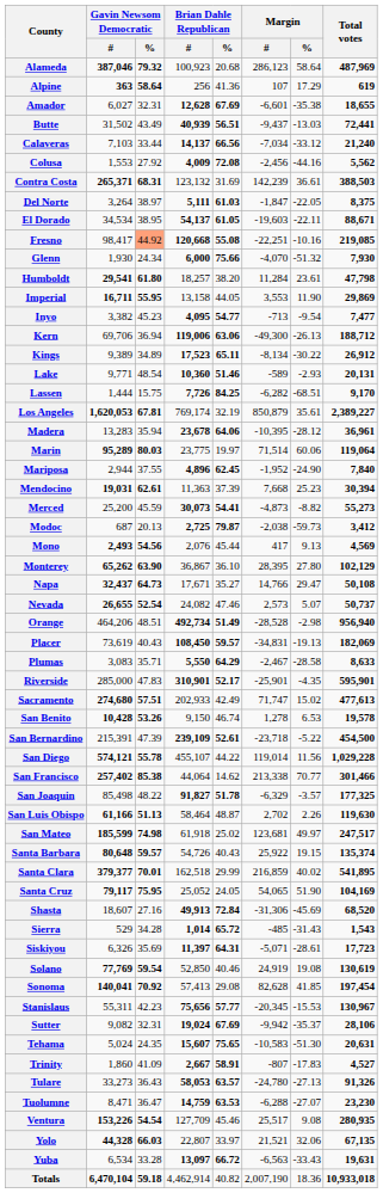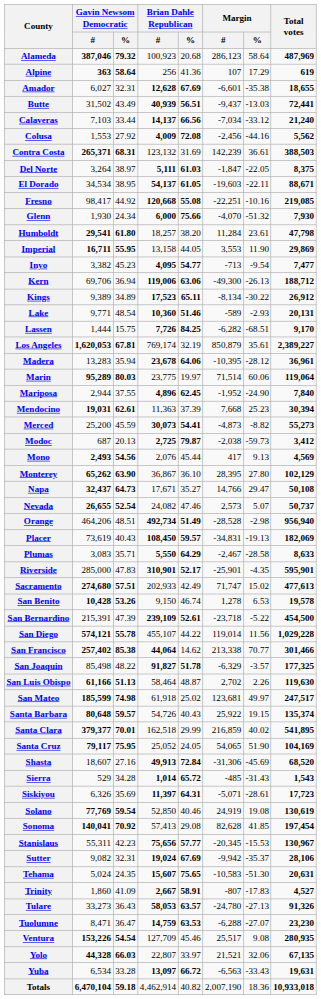 <table class="wikitable sortable" style="text-align:right;font-size:90%;line-height:1.3">
 <tr>
 <th rowspan="2">County</th>
 <th colspan="2"><a href='#'>Gavin Newsom</a><br><a href='#'>Democratic</a></th>
 <th colspan="2"><a href='#'>Brian Dahle</a><br><a href='#'>Republican</a></th>
 <th colspan="2">Margin</th>
 <th rowspan="2">Total<br>votes</th>
 </tr>
 <tr>
 <th data-sort-type="number">#</th>
 <th data-sort-type="number">%</th>
 <th data-sort-type="number">#</th>
 <th data-sort-type="number">%</th>
 <th data-sort-type="number">#</th>
 <th data-sort-type="number">%</th>
 </tr>
 <tr>
 <th><a href='#'>Alameda</a></th>
 <td><strong>387,046</strong></td>
 <td><strong>79.32</strong></td>
 <td>100,923</td>
 <td>20.68</td>
 <td>286,123</td>
 <td>58.64</td>
 <td><strong>487,969</strong></td>
 </tr>
 <tr>
 <th><a href='#'>Alpine</a></th>
 <td><strong>363</strong></td>
 <td><strong>58.64</strong></td>
 <td>256</td>
 <td>41.36</td>
 <td>107</td>
 <td>17.29</td>
 <td><strong>619</strong></td>
 </tr>
 <tr>
 <th><a href='#'>Amador</a></th>
 <td>6,027</td>
 <td>32.31</td>
 <td><strong>12,628</strong></td>
 <td><strong>67.69</strong></td>
 <td>-6,601</td>
 <td>-35.38</td>
 <td><strong>18,655</strong></td>
 </tr>
 <tr>
 <th><a href='#'>Butte</a></th>
 <td>31,502</td>
 <td>43.49</td>
 <td><strong>40,939</strong></td>
 <td><strong>56.51</strong></td>
 <td>-9,437</td>
 <td>-13.03</td>
 <td><strong>72,441</strong></td>
 </tr>
 <tr>
 <th><a href='#'>Calaveras</a></th>
 <td>7,103</td>
 <td>33.44</td>
 <td><strong>14,137</strong></td>
 <td><strong>66.56</strong></td>
 <td>-7,034</td>
 <td>-33.12</td>
 <td><strong>21,240</strong></td>
 </tr>
 <tr>
 <th><a href='#'>Colusa</a></th>
 <td>1,553</td>
 <td>27.92</td>
 <td><strong>4,009</strong></td>
 <td><strong>72.08</strong></td>
 <td>-2,456</td>
 <td>-44.16</td>
 <td><strong>5,562</strong></td>
 </tr>
 <tr>
 <th><a href='#'>Contra Costa</a></th>
 <td><strong>265,371</strong></td>
 <td><strong>68.31</strong></td>
 <td>123,132</td>
 <td>31.69</td>
 <td>142,239</td>
 <td>36.61</td>
 <td><strong>388,503</strong></td>
 </tr>
 <tr>
 <th><a href='#'>Del Norte</a></th>
 <td>3,264</td>
 <td>38.97</td>
 <td><strong>5,111</strong></td>
 <td><strong>61.03</strong></td>
 <td>-1,847</td>
 <td>-22.05</td>
 <td><strong>8,375</strong></td>
 </tr>
 <tr>
 <th><a href='#'>El Dorado</a></th>
 <td>34,534</td>
 <td>38.95</td>
 <td><strong>54,137</strong></td>
 <td><strong>61.05</strong></td>
 <td>-19,603</td>
 <td>-22.11</td>
 <td><strong>88,671</strong></td>
 </tr>
 <tr>
 <th><a href='#'>Fresno</a></th>
 <td>98,417</td>
-<td style="background: lightsalmon;">44.92</td>
+<td>44.92</td>
 <td><strong>120,668</strong></td>
 <td><strong>55.08</strong></td>
 <td>-22,251</td>
 <td>-10.16</td>
 <td><strong>219,085</strong></td>
 </tr>
 <tr>
 <th><a href='#'>Glenn</a></th>
 <td>1,930</td>
 <td>24.34</td>
 <td><strong>6,000</strong></td>
 <td><strong>75.66</strong></td>
 <td>-4,070</td>
 <td>-51.32</td>
 <td><strong>7,930</strong></td>
 </tr>
 <tr>
 <th><a href='#'>Humboldt</a></th>
 <td><strong>29,541</strong></td>
 <td><strong>61.80</strong></td>
 <td>18,257</td>
 <td>38.20</td>
 <td>11,284</td>
 <td>23.61</td>
 <td><strong>47,798</strong></td>
 </tr>
 <tr>
 <th><a href='#'>Imperial</a></th>
 <td><strong>16,711</strong></td>
 <td><strong>55.95</strong></td>
 <td>13,158</td>
 <td>44.05</td>
 <td>3,553</td>
 <td>11.90</td>
 <td><strong>29,869</strong></td>
 </tr>
 <tr>
 <th><a href='#'>Inyo</a></th>
 <td>3,382</td>
 <td>45.23</td>
 <td><strong>4,095</strong></td>
 <td><strong>54.77</strong></td>
 <td>-713</td>
 <td>-9.54</td>
 <td><strong>7,477</strong></td>
 </tr>
 <tr>
 <th><a href='#'>Kern</a></th>
 <td>69,706</td>
 <td>36.94</td>
 <td><strong>119,006</strong></td>
 <td><strong>63.06</strong></td>
 <td>-49,300</td>
 <td>-26.13</td>
 <td><strong>188,712</strong></td>
 </tr>
 <tr>
 <th><a href='#'>Kings</a></th>
 <td>9,389</td>
 <td>34.89</td>
 <td><strong>17,523</strong></td>
 <td><strong>65.11</strong></td>
 <td>-8,134</td>
 <td>-30.22</td>
 <td><strong>26,912</strong></td>
 </tr>
 <tr>
 <th><a href='#'>Lake</a></th>
 <td>9,771</td>
 <td>48.54</td>
 <td><strong>10,360</strong></td>
 <td><strong>51.46</strong></td>
 <td>-589</td>
 <td>-2.93</td>
 <td><strong>20,131</strong></td>
 </tr>
 <tr>
 <th><a href='#'>Lassen</a></th>
 <td>1,444</td>
 <td>15.75</td>
 <td><strong>7,726</strong></td>
 <td><strong>84.25</strong></td>
 <td>-6,282</td>
 <td>-68.51</td>
 <td><strong>9,170</strong></td>
 </tr>
 <tr>
 <th><a href='#'>Los Angeles</a></th>
 <td><strong>1,620,053</strong></td>
 <td><strong>67.81</strong></td>
 <td>769,174</td>
 <td>32.19</td>
 <td>850,879</td>
 <td>35.61</td>
 <td><strong>2,389,227</strong></td>
 </tr>
 <tr>
 <th><a href='#'>Madera</a></th>
 <td>13,283</td>
 <td>35.94</td>
 <td><strong>23,678</strong></td>
 <td><strong>64.06</strong></td>
 <td>-10,395</td>
 <td>-28.12</td>
 <td><strong>36,961</strong></td>
 </tr>
 <tr>
 <th><a href='#'>Marin</a></th>
 <td><strong>95,289</strong></td>
 <td><strong>80.03</strong></td>
 <td>23,775</td>
 <td>19.97</td>
 <td>71,514</td>
 <td>60.06</td>
 <td><strong>119,064</strong></td>
 </tr>
 <tr>
 <th><a href='#'>Mariposa</a></th>
 <td>2,944</td>
 <td>37.55</td>
 <td><strong>4,896</strong></td>
 <td><strong>62.45</strong></td>
 <td>-1,952</td>
 <td>-24.90</td>
 <td><strong>7,840</strong></td>
 </tr>
 <tr>
 <th><a href='#'>Mendocino</a></th>
 <td><strong>19,031</strong></td>
 <td><strong>62.61</strong></td>
 <td>11,363</td>
 <td>37.39</td>
 <td>7,668</td>
 <td>25.23</td>
 <td><strong>30,394</strong></td>
 </tr>
 <tr>
 <th><a href='#'>Merced</a></th>
 <td>25,200</td>
 <td>45.59</td>
 <td><strong>30,073</strong></td>
 <td><strong>54.41</strong></td>
 <td>-4,873</td>
 <td>-8.82</td>
 <td><strong>55,273</strong></td>
 </tr>
 <tr>
 <th><a href='#'>Modoc</a></th>
 <td>687</td>
 <td>20.13</td>
 <td><strong>2,725</strong></td>
 <td><strong>79.87</strong></td>
 <td>-2,038</td>
 <td>-59.73</td>
 <td><strong>3,412</strong></td>
 </tr>
 <tr>
 <th><a href='#'>Mono</a></th>
 <td><strong>2,493</strong></td>
 <td><strong>54.56</strong></td>
 <td>2,076</td>
 <td>45.44</td>
 <td>417</td>
 <td>9.13</td>
 <td><strong>4,569</strong></td>
 </tr>
 <tr>
 <th><a href='#'>Monterey</a></th>
 <td><strong>65,262</strong></td>
 <td><strong>63.90</strong></td>
 <td>36,867</td>
 <td>36.10</td>
 <td>28,395</td>
 <td>27.80</td>
 <td><strong>102,129</strong></td>
 </tr>
 <tr>
 <th><a href='#'>Napa</a></th>
 <td><strong>32,437</strong></td>
 <td><strong>64.73</strong></td>
 <td>17,671</td>
 <td>35.27</td>
 <td>14,766</td>
 <td>29.47</td>
 <td><strong>50,108</strong></td>
 </tr>
 <tr>
 <th><a href='#'>Nevada</a></th>
 <td><strong>26,655</strong></td>
 <td><strong>52.54</strong></td>
 <td>24,082</td>
 <td>47.46</td>
 <td>2,573</td>
 <td>5.07</td>
 <td><strong>50,737</strong></td>
 </tr>
 <tr>
 <th><a href='#'>Orange</a></th>
 <td>464,206</td>
 <td>48.51</td>
 <td><strong>492,734</strong></td>
 <td><strong>51.49</strong></td>
 <td>-28,528</td>
 <td>-2.98</td>
 <td><strong>956,940</strong></td>
 </tr>
 <tr>
 <th><a href='#'>Placer</a></th>
 <td>73,619</td>
 <td>40.43</td>
 <td><strong>108,450</strong></td>
 <td><strong>59.57</strong></td>
 <td>-34,831</td>
 <td>-19.13</td>
 <td><strong>182,069</strong></td>
 </tr>
 <tr>
 <th><a href='#'>Plumas</a></th>
 <td>3,083</td>
 <td>35.71</td>
 <td><strong>5,550</strong></td>
 <td><strong>64.29</strong></td>
 <td>-2,467</td>
 <td>-28.58</td>
 <td><strong>8,633</strong></td>
 </tr>
 <tr>
 <th><a href='#'>Riverside</a></th>
 <td>285,000</td>
 <td>47.83</td>
 <td><strong>310,901</strong></td>
 <td><strong>52.17</strong></td>
 <td>-25,901</td>
 <td>-4.35</td>
 <td><strong>595,901</strong></td>
 </tr>
 <tr>
 <th><a href='#'>Sacramento</a></th>
 <td><strong>274,680</strong></td>
 <td><strong>57.51</strong></td>
 <td>202,933</td>
 <td>42.49</td>
 <td>71,747</td>
 <td>15.02</td>
 <td><strong>477,613</strong></td>
 </tr>
 <tr>
 <th><a href='#'>San Benito</a></th>
 <td><strong>10,428</strong></td>
 <td><strong>53.26</strong></td>
 <td>9,150</td>
 <td>46.74</td>
 <td>1,278</td>
 <td>6.53</td>
 <td><strong>19,578</strong></td>
 </tr>
 <tr>
 <th><a href='#'>San Bernardino</a></th>
 <td>215,391</td>
 <td>47.39</td>
 <td><strong>239,109</strong></td>
 <td><strong>52.61</strong></td>
 <td>-23,718</td>
 <td>-5.22</td>
 <td><strong>454,500</strong></td>
 </tr>
 <tr>
 <th><a href='#'>San Diego</a></th>
 <td><strong>574,121</strong></td>
 <td><strong>55.78</strong></td>
 <td>455,107</td>
 <td>44.22</td>
 <td>119,014</td>
 <td>11.56</td>
 <td><strong>1,029,228</strong></td>
 </tr>
 <tr>
 <th><a href='#'>San Francisco</a></th>
 <td><strong>257,402</strong></td>
 <td><strong>85.38</strong></td>
-<td>44,064</td>
+<td><strong>44,064</strong></td>
 <td>14.62</td>
 <td>213,338</td>
 <td>70.77</td>
 <td><strong>301,466</strong></td>
 </tr>
 <tr>
 <th><a href='#'>San Joaquin</a></th>
 <td>85,498</td>
 <td>48.22</td>
 <td><strong>91,827</strong></td>
 <td><strong>51.78</strong></td>
 <td>-6,329</td>
 <td>-3.57</td>
 <td><strong>177,325</strong></td>
 </tr>
 <tr>
 <th><a href='#'>San Luis Obispo</a></th>
 <td><strong>61,166</strong></td>
 <td><strong>51.13</strong></td>
 <td>58,464</td>
 <td>48.87</td>
 <td>2,702</td>
 <td>2.26</td>
 <td><strong>119,630</strong></td>
 </tr>
 <tr>
 <th><a href='#'>San Mateo</a></th>
 <td><strong>185,599</strong></td>
 <td><strong>74.98</strong></td>
 <td>61,918</td>
 <td>25.02</td>
 <td>123,681</td>
 <td>49.97</td>
 <td><strong>247,517</strong></td>
 </tr>
 <tr>
 <th><a href='#'>Santa Barbara</a></th>
 <td><strong>80,648</strong></td>
 <td><strong>59.57</strong></td>
 <td>54,726</td>
 <td>40.43</td>
 <td>25,922</td>
 <td>19.15</td>
 <td><strong>135,374</strong></td>
 </tr>
 <tr>
 <th><a href='#'>Santa Clara</a></th>
 <td><strong>379,377</strong></td>
 <td><strong>70.01</strong></td>
 <td>162,518</td>
 <td>29.99</td>
 <td>216,859</td>
 <td>40.02</td>
 <td><strong>541,895</strong></td>
 </tr>
 <tr>
 <th><a href='#'>Santa Cruz</a></th>
 <td><strong>79,117</strong></td>
 <td><strong>75.95</strong></td>
 <td>25,052</td>
 <td>24.05</td>
 <td>54,065</td>
 <td>51.90</td>
 <td><strong>104,169</strong></td>
 </tr>
 <tr>
 <th><a href='#'>Shasta</a></th>
 <td>18,607</td>
 <td>27.16</td>
 <td><strong>49,913</strong></td>
 <td><strong>72.84</strong></td>
 <td>-31,306</td>
 <td>-45.69</td>
 <td><strong>68,520</strong></td>
 </tr>
 <tr>
 <th><a href='#'>Sierra</a></th>
 <td>529</td>
 <td>34.28</td>
 <td><strong>1,014</strong></td>
 <td><strong>65.72</strong></td>
 <td>-485</td>
 <td>-31.43</td>
 <td><strong>1,543</strong></td>
 </tr>
 <tr>
 <th><a href='#'>Siskiyou</a></th>
 <td>6,326</td>
 <td>35.69</td>
 <td><strong>11,397</strong></td>
 <td><strong>64.31</strong></td>
 <td>-5,071</td>
 <td>-28.61</td>
 <td><strong>17,723</strong></td>
 </tr>
 <tr>
 <th><a href='#'>Solano</a></th>
 <td><strong>77,769</strong></td>
 <td><strong>59.54</strong></td>
 <td>52,850</td>
 <td>40.46</td>
 <td>24,919</td>
 <td>19.08</td>
 <td><strong>130,619</strong></td>
 </tr>
 <tr>
 <th><a href='#'>Sonoma</a></th>
 <td><strong>140,041</strong></td>
 <td><strong>70.92</strong></td>
 <td>57,413</td>
 <td>29.08</td>
 <td>82,628</td>
 <td>41.85</td>
 <td><strong>197,454</strong></td>
 </tr>
 <tr>
 <th><a href='#'>Stanislaus</a></th>
 <td>55,311</td>
 <td>42.23</td>
 <td><strong>75,656</strong></td>
 <td><strong>57.77</strong></td>
 <td>-20,345</td>
 <td>-15.53</td>
 <td><strong>130,967</strong></td>
 </tr>
 <tr>
 <th><a href='#'>Sutter</a></th>
 <td>9,082</td>
 <td>32.31</td>
 <td><strong>19,024</strong></td>
 <td><strong>67.69</strong></td>
 <td>-9,942</td>
 <td>-35.37</td>
 <td><strong>28,106</strong></td>
 </tr>
 <tr>
 <th><a href='#'>Tehama</a></th>
 <td>5,024</td>
 <td>24.35</td>
 <td><strong>15,607</strong></td>
 <td><strong>75.65</strong></td>
 <td>-10,583</td>
 <td>-51.30</td>
 <td><strong>20,631</strong></td>
 </tr>
 <tr>
 <th><a href='#'>Trinity</a></th>
 <td>1,860</td>
 <td>41.09</td>
 <td><strong>2,667</strong></td>
 <td><strong>58.91</strong></td>
 <td>-807</td>
 <td>-17.83</td>
 <td><strong>4,527</strong></td>
 </tr>
 <tr>
 <th><a href='#'>Tulare</a></th>
 <td>33,273</td>
 <td>36.43</td>
 <td><strong>58,053</strong></td>
 <td><strong>63.57</strong></td>
 <td>-24,780</td>
 <td>-27.13</td>
 <td><strong>91,326</strong></td>
 </tr>
 <tr>
 <th><a href='#'>Tuolumne</a></th>
 <td>8,471</td>
 <td>36.47</td>
 <td><strong>14,759</strong></td>
 <td><strong>63.53</strong></td>
 <td>-6,288</td>
 <td>-27.07</td>
 <td><strong>23,230</strong></td>
 </tr>
 <tr>
 <th><a href='#'>Ventura</a></th>
 <td><strong>153,226</strong></td>
 <td><strong>54.54</strong></td>
 <td>127,709</td>
 <td>45.46</td>
 <td>25,517</td>
 <td>9.08</td>
 <td><strong>280,935</strong></td>
 </tr>
 <tr>
 <th><a href='#'>Yolo</a></th>
 <td><strong>44,328</strong></td>
 <td><strong>66.03</strong></td>
 <td>22,807</td>
 <td>33.97</td>
 <td>21,521</td>
 <td>32.06</td>
 <td><strong>67,135</strong></td>
 </tr>
 <tr>
 <th><a href='#'>Yuba</a></th>
 <td>6,534</td>
 <td>33.28</td>
 <td><strong>13,097</strong></td>
 <td><strong>66.72</strong></td>
 <td>-6,563</td>
 <td>-33.43</td>
 <td><strong>19,631</strong></td>
 </tr>
 <tr class="sortbottom">
 <th>Totals</th>
 <td><strong>6,470,104</strong></td>
 <td><strong>59.18</strong></td>
 <td>4,462,914</td>
 <td>40.82</td>
 <td>2,007,190</td>
 <td>18.36</td>
 <td><strong>10,933,018</strong></td>
 </tr>
 </table>
